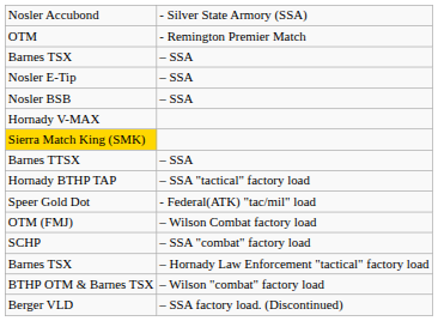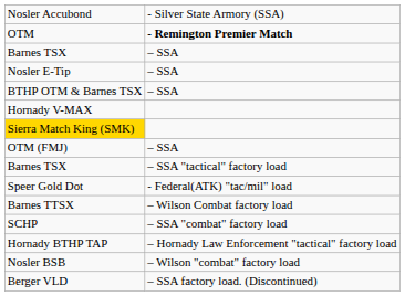 <table class="wikitable sortable">
 <tr>
 <td>   Nosler Accubond</td>
 <td>- Silver State Armory (SSA)</td>
 </tr>
 <tr>
 <td> OTM</td>
-<td>- Remington Premier Match</td>
+<td><strong>- Remington Premier Match</strong></td>
 </tr>
 <tr>
 <td>  Barnes TSX</td>
 <td> – SSA</td>
 </tr>
 <tr>
 <td>  Nosler E-Tip</td>
 <td> – SSA</td>
 </tr>
 <tr>
-<td>  Nosler  BSB</td>
+<td> BTHP OTM & Barnes TSX</td>
 <td> – SSA</td>
 </tr>
 <tr>
 <td> Hornady V-MAX</td>
 <td></td>
 </tr>
 <tr>
 <td style="background: gold;"> Sierra Match King (SMK)</td>
 <td></td>
 </tr>
 <tr>
-<td> Barnes TTSX</td>
+<td> OTM (FMJ)</td>
 <td> – SSA</td>
 </tr>
 <tr>
-<td> Hornady BTHP TAP</td>
+<td>  Barnes TSX</td>
 <td> – SSA "tactical" factory load</td>
 </tr>
 <tr>
 <td> Speer Gold Dot</td>
 <td>- Federal(ATK) "tac/mil" load</td>
 </tr>
 <tr>
-<td> OTM (FMJ)</td>
+<td> Barnes TTSX</td>
 <td> – Wilson Combat factory load</td>
 </tr>
 <tr>
 <td> SCHP</td>
 <td> – SSA "combat" factory load</td>
 </tr>
 <tr>
-<td>  Barnes TSX</td>
+<td> Hornady BTHP TAP</td>
 <td> – Hornady Law Enforcement "tactical" factory load</td>
 </tr>
 <tr>
-<td> BTHP OTM & Barnes TSX</td>
+<td>  Nosler  BSB</td>
 <td> –  Wilson "combat" factory load</td>
 </tr>
 <tr>
 <td> Berger VLD</td>
 <td> – SSA factory load. (Discontinued)</td>
 </tr>
 </table>
